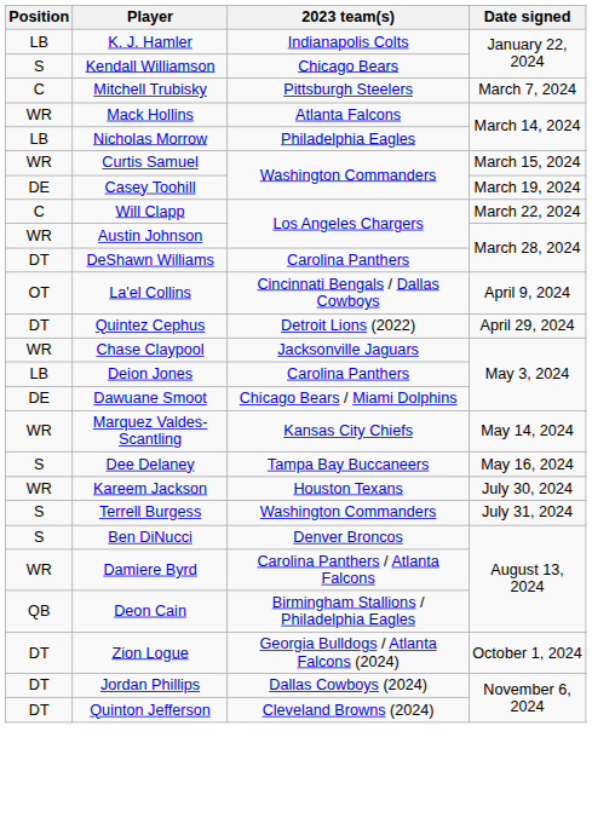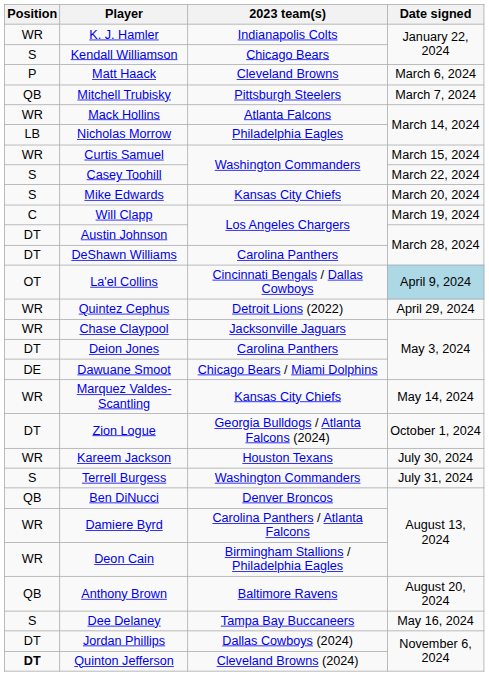 <table class="wikitable sortable" style="text-align:center">
 <tr>
 <th>Position</th>
 <th>Player</th>
 <th>2023 team(s)</th>
 <th>Date signed</th>
 </tr>
 <tr>
-<td>LB</td>
+<td>WR</td>
 <td><a href='#'>K. J. Hamler</a></td>
 <td><a href='#'>Indianapolis Colts</a></td>
 <td rowspan=2>January 22, 2024</td>
 </tr>
 <tr>
 <td>S</td>
 <td><a href='#'>Kendall Williamson</a></td>
 <td><a href='#'>Chicago Bears</a></td>
 </tr>
 <tr>
-<td>C</td>
+<td>P</td>
+<td><a href='#'>Matt Haack</a></td>
+<td><a href='#'>Cleveland Browns</a></td>
+<td>March 6, 2024</td>
+</tr>
+<tr>
+<td>QB</td>
 <td><a href='#'>Mitchell Trubisky</a></td>
 <td><a href='#'>Pittsburgh Steelers</a></td>
 <td>March 7, 2024</td>
 </tr>
 <tr>
 <td>WR</td>
 <td><a href='#'>Mack Hollins</a></td>
 <td><a href='#'>Atlanta Falcons</a></td>
 <td rowspan=2>March 14, 2024</td>
 </tr>
 <tr>
 <td>LB</td>
 <td><a href='#'>Nicholas Morrow</a></td>
 <td><a href='#'>Philadelphia Eagles</a></td>
 </tr>
 <tr>
 <td>WR</td>
 <td><a href='#'>Curtis Samuel</a></td>
 <td rowspan=2><a href='#'>Washington Commanders</a></td>
 <td>March 15, 2024</td>
 </tr>
 <tr>
-<td>DE</td>
+<td>S</td>
 <td><a href='#'>Casey Toohill</a></td>
-<td>March 19, 2024</td>
+<td>March 22, 2024</td>
+</tr>
+<tr>
+<td>S</td>
+<td><a href='#'>Mike Edwards</a></td>
+<td><a href='#'>Kansas City Chiefs</a></td>
+<td>March 20, 2024</td>
 </tr>
 <tr>
 <td>C</td>
 <td><a href='#'>Will Clapp</a></td>
 <td rowspan=2><a href='#'>Los Angeles Chargers</a></td>
-<td>March 22, 2024</td>
+<td>March 19, 2024</td>
 </tr>
 <tr>
-<td>WR</td>
+<td>DT</td>
 <td><a href='#'>Austin Johnson</a></td>
 <td rowspan=2>March 28, 2024</td>
 </tr>
 <tr>
 <td>DT</td>
 <td><a href='#'>DeShawn Williams</a></td>
 <td><a href='#'>Carolina Panthers</a></td>
 </tr>
 <tr>
 <td>OT</td>
 <td><a href='#'>La'el Collins</a></td>
 <td><a href='#'>Cincinnati Bengals</a> / <a href='#'>Dallas Cowboys</a></td>
-<td>April 9, 2024</td>
+<td style="background: lightblue;">April 9, 2024</td>
 </tr>
 <tr>
-<td>DT</td>
+<td>WR</td>
 <td><a href='#'>Quintez Cephus</a></td>
 <td><a href='#'>Detroit Lions</a> (2022)</td>
 <td>April 29, 2024</td>
 </tr>
 <tr>
 <td>WR</td>
 <td><a href='#'>Chase Claypool</a></td>
 <td><a href='#'>Jacksonville Jaguars</a></td>
 <td rowspan=3>May 3, 2024</td>
 </tr>
 <tr>
-<td>LB</td>
+<td>DT</td>
 <td><a href='#'>Deion Jones</a></td>
 <td><a href='#'>Carolina Panthers</a></td>
 </tr>
 <tr>
 <td>DE</td>
 <td><a href='#'>Dawuane Smoot</a></td>
 <td><a href='#'>Chicago Bears</a> / <a href='#'>Miami Dolphins</a></td>
 </tr>
 <tr>
 <td>WR</td>
 <td><a href='#'>Marquez Valdes-Scantling</a></td>
 <td><a href='#'>Kansas City Chiefs</a></td>
 <td>May 14, 2024</td>
 </tr>
 <tr>
-<td>S</td>
-<td><a href='#'>Dee Delaney</a></td>
-<td><a href='#'>Tampa Bay Buccaneers</a></td>
-<td>May 16, 2024</td>
+<td>DT</td>
+<td><a href='#'>Zion Logue</a></td>
+<td><a href='#'>Georgia Bulldogs</a> / <a href='#'>Atlanta Falcons</a> (2024)</td>
+<td>October 1, 2024</td>
 </tr>
 <tr>
 <td>WR</td>
 <td><a href='#'>Kareem Jackson</a></td>
 <td><a href='#'>Houston Texans</a></td>
 <td>July 30, 2024</td>
 </tr>
 <tr>
 <td>S</td>
 <td><a href='#'>Terrell Burgess</a></td>
 <td><a href='#'>Washington Commanders</a></td>
 <td>July 31, 2024</td>
 </tr>
 <tr>
-<td>S</td>
+<td>QB</td>
 <td><a href='#'>Ben DiNucci</a></td>
 <td><a href='#'>Denver Broncos</a></td>
 <td rowspan=3>August 13, 2024</td>
 </tr>
 <tr>
 <td>WR</td>
 <td><a href='#'>Damiere Byrd</a></td>
 <td><a href='#'>Carolina Panthers</a> / <a href='#'>Atlanta Falcons</a></td>
 </tr>
 <tr>
-<td>QB</td>
+<td>WR</td>
 <td><a href='#'>Deon Cain</a></td>
 <td><a href='#'>Birmingham Stallions</a> / <a href='#'>Philadelphia Eagles</a></td>
 </tr>
 <tr>
-<td>DT</td>
-<td><a href='#'>Zion Logue</a></td>
-<td><a href='#'>Georgia Bulldogs</a> / <a href='#'>Atlanta Falcons</a> (2024)</td>
-<td>October 1, 2024</td>
+<td>QB</td>
+<td><a href='#'>Anthony Brown</a></td>
+<td><a href='#'>Baltimore Ravens</a></td>
+<td>August 20, 2024</td>
+</tr>
+<tr>
+<td>S</td>
+<td><a href='#'>Dee Delaney</a></td>
+<td><a href='#'>Tampa Bay Buccaneers</a></td>
+<td>May 16, 2024</td>
 </tr>
 <tr>
 <td>DT</td>
 <td><a href='#'>Jordan Phillips</a></td>
 <td><a href='#'>Dallas Cowboys</a> (2024)</td>
 <td rowspan="2">November 6, 2024</td>
 </tr>
 <tr>
-<td>DT</td>
+<td><strong>DT</strong></td>
 <td><a href='#'>Quinton Jefferson</a></td>
 <td><a href='#'>Cleveland Browns</a> (2024)</td>
 </tr>
 </table>
